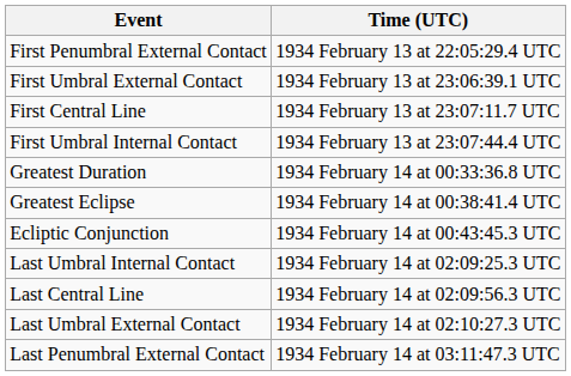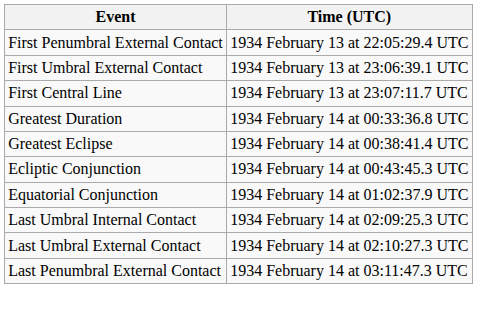 <table class="wikitable">
 <tr>
 <th>Event</th>
 <th>Time (UTC)</th>
 </tr>
 <tr>
 <td>First Penumbral External Contact</td>
 <td>1934 February 13 at 22:05:29.4 UTC</td>
 </tr>
 <tr>
 <td>First Umbral External Contact</td>
 <td>1934 February 13 at 23:06:39.1 UTC</td>
 </tr>
 <tr>
 <td>First Central Line</td>
 <td>1934 February 13 at 23:07:11.7 UTC</td>
 </tr>
 <tr>
-<td>First Umbral Internal Contact</td>
-<td>1934 February 13 at 23:07:44.4 UTC</td>
-</tr>
-<tr>
 <td>Greatest Duration</td>
 <td>1934 February 14 at 00:33:36.8 UTC</td>
 </tr>
 <tr>
 <td>Greatest Eclipse</td>
 <td>1934 February 14 at 00:38:41.4 UTC</td>
 </tr>
 <tr>
 <td>Ecliptic Conjunction</td>
 <td>1934 February 14 at 00:43:45.3 UTC</td>
 </tr>
 <tr>
+<td>Equatorial Conjunction</td>
+<td>1934 February 14 at 01:02:37.9 UTC</td>
+</tr>
+<tr>
 <td>Last Umbral Internal Contact</td>
 <td>1934 February 14 at 02:09:25.3 UTC</td>
-</tr>
-<tr>
-<td>Last Central Line</td>
-<td>1934 February 14 at 02:09:56.3 UTC</td>
 </tr>
 <tr>
 <td>Last Umbral External Contact</td>
 <td>1934 February 14 at 02:10:27.3 UTC</td>
 </tr>
 <tr>
 <td>Last Penumbral External Contact</td>
 <td>1934 February 14 at 03:11:47.3 UTC</td>
 </tr>
 </table>
